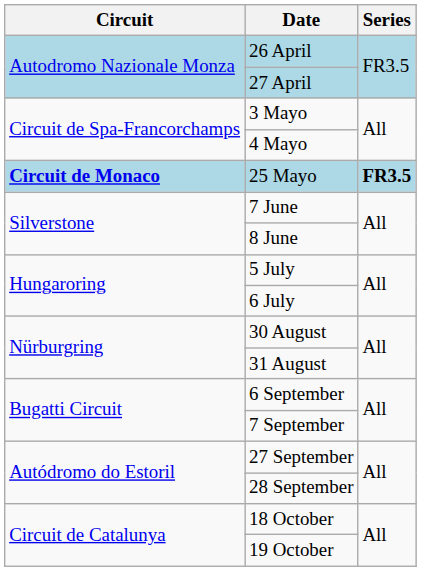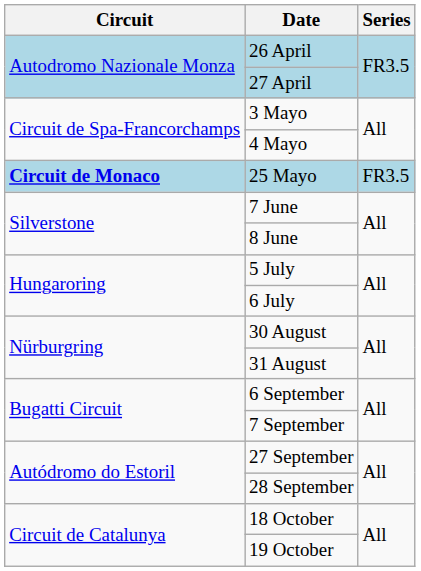 <table class="wikitable" style="font-size: 85%;">
 <tr>
 <th>Circuit</th>
 <th>Date</th>
 <th>Series</th>
 </tr>
 <tr style="background:lightblue;">
 <td rowspan=2> <a href='#'>Autodromo Nazionale Monza</a></td>
 <td>26 April</td>
 <td rowspan=2>FR3.5</td>
 </tr>
 <tr style="background:lightblue;">
 <td>27 April</td>
 </tr>
 <tr>
 <td rowspan=2> <a href='#'>Circuit de Spa-Francorchamps</a></td>
 <td>3 Mayo</td>
 <td rowspan=2>All</td>
 </tr>
 <tr>
 <td>4 Mayo</td>
 </tr>
 <tr style="background:lightblue;">
 <td><strong> <a href='#'>Circuit de Monaco</a></strong></td>
 <td>25 Mayo</td>
-<td><strong>FR3.5</strong></td>
+<td>FR3.5</td>
 </tr>
 <tr>
 <td rowspan=2> <a href='#'>Silverstone</a></td>
 <td>7 June</td>
 <td rowspan=2>All</td>
 </tr>
 <tr>
 <td>8 June</td>
 </tr>
 <tr>
 <td rowspan=2> <a href='#'>Hungaroring</a></td>
 <td>5 July</td>
 <td rowspan=2>All</td>
 </tr>
 <tr>
 <td>6 July</td>
 </tr>
 <tr>
 <td rowspan=2> <a href='#'>Nürburgring</a></td>
 <td>30 August</td>
 <td rowspan=2>All</td>
 </tr>
 <tr>
 <td>31 August</td>
 </tr>
 <tr>
 <td rowspan=2> <a href='#'>Bugatti Circuit</a></td>
 <td>6 September</td>
 <td rowspan=2>All</td>
 </tr>
 <tr>
 <td>7 September</td>
 </tr>
 <tr>
 <td rowspan=2> <a href='#'>Autódromo do Estoril</a></td>
 <td>27 September</td>
 <td rowspan=2>All</td>
 </tr>
 <tr>
 <td>28 September</td>
 </tr>
 <tr>
 <td rowspan=2> <a href='#'>Circuit de Catalunya</a></td>
 <td>18 October</td>
 <td rowspan=2>All</td>
 </tr>
 <tr>
 <td>19 October</td>
 </tr>
 </table>
